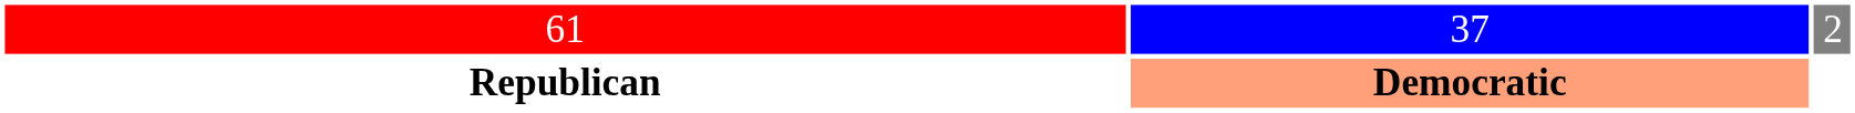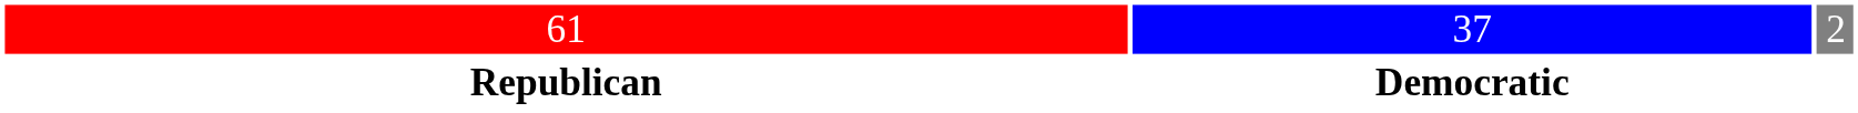 <table style="width:60%; text-align:center;">
 <tr style="color:white;">
 <td style="background:red; width:61.0%;">61</td>
 <td style="background:blue; width:37.0%;">37</td>
 <td style="background:grey; width:2.0%;">2</td>
 </tr>
 <tr>
 <td><span><strong>Republican</strong></span></td>
-<td style="background: lightsalmon;"><span><strong>Democratic</strong></span></td>
+<td><span><strong>Democratic</strong></span></td>
 </tr>
 </table>
